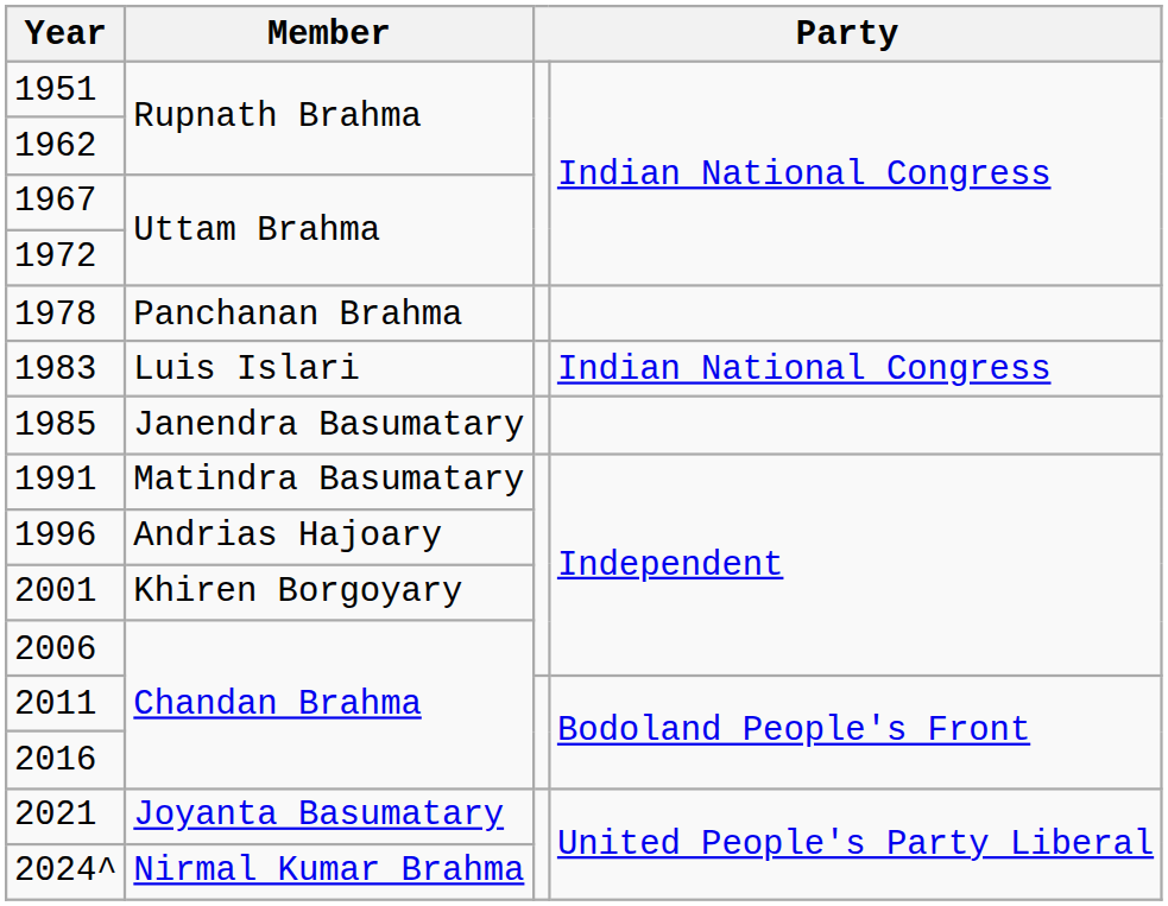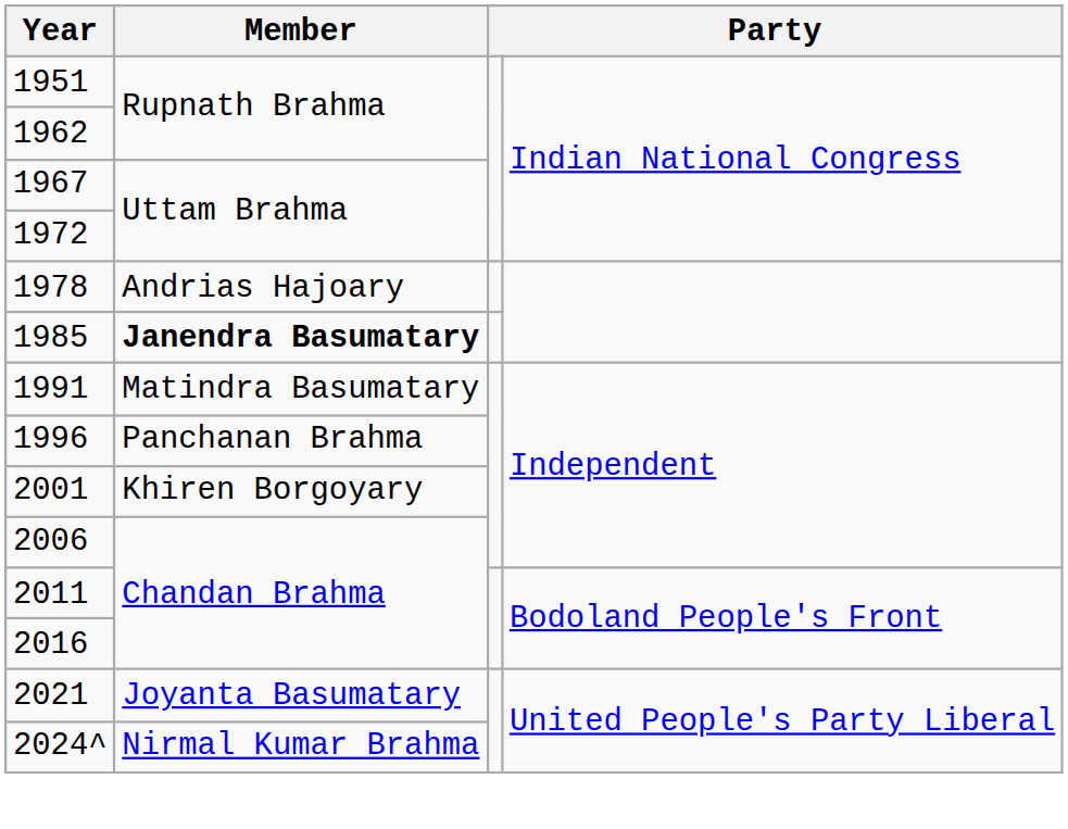 <table class="wikitable sortable">
 <tr>
 <th>Year</th>
 <th>Member</th>
 <th colspan="2">Party</th>
 </tr>
 <tr>
 <td>1951</td>
 <td rowspan="2">Rupnath Brahma</td>
 <td rowspan="4" style="background-color: "></td>
 <td rowspan="4"><a href='#'>Indian National Congress</a></td>
 </tr>
 <tr>
 <td>1962</td>
 </tr>
 <tr>
 <td>1967</td>
 <td rowspan="2">Uttam Brahma</td>
 </tr>
 <tr>
 <td>1972</td>
 </tr>
 <tr>
 <td>1978</td>
-<td>Panchanan Brahma</td>
+<td>Andrias Hajoary</td>
 <td></td>
 </tr>
 <tr>
-<td>1983</td>
-<td>Luis Islari</td>
-<td style="background-color: "></td>
-<td><a href='#'>Indian National Congress</a></td>
-</tr>
-<tr>
 <td>1985</td>
-<td>Janendra Basumatary</td>
+<td><strong>Janendra Basumatary</strong></td>
 <td></td>
 </tr>
 <tr>
 <td>1991</td>
 <td>Matindra Basumatary</td>
 <td rowspan="4" style="background-color: "></td>
 <td rowspan="4"><a href='#'>Independent</a></td>
 </tr>
 <tr>
 <td>1996</td>
-<td>Andrias Hajoary</td>
+<td>Panchanan Brahma</td>
 </tr>
 <tr>
 <td>2001</td>
 <td>Khiren Borgoyary</td>
 </tr>
 <tr>
 <td>2006</td>
 <td rowspan="3"><a href='#'>Chandan Brahma</a></td>
 </tr>
 <tr>
 <td>2011</td>
 <td rowspan="2" style="background-color: "></td>
 <td rowspan="2"><a href='#'>Bodoland People's Front</a></td>
 </tr>
 <tr>
 <td>2016</td>
 </tr>
 <tr>
 <td>2021</td>
 <td><a href='#'>Joyanta Basumatary</a></td>
 <td rowspan="2" style="background-color: "></td>
 <td rowspan="2"><a href='#'>United People's Party Liberal</a></td>
 </tr>
 <tr>
 <td>2024^</td>
 <td><a href='#'>Nirmal Kumar Brahma</a></td>
 </tr>
 </table>
